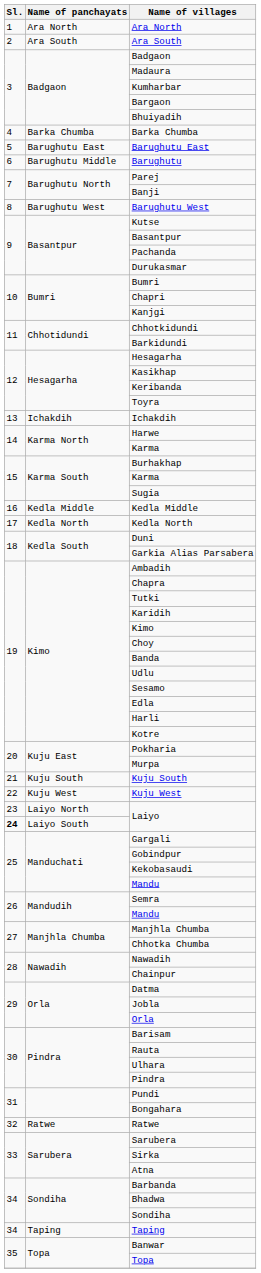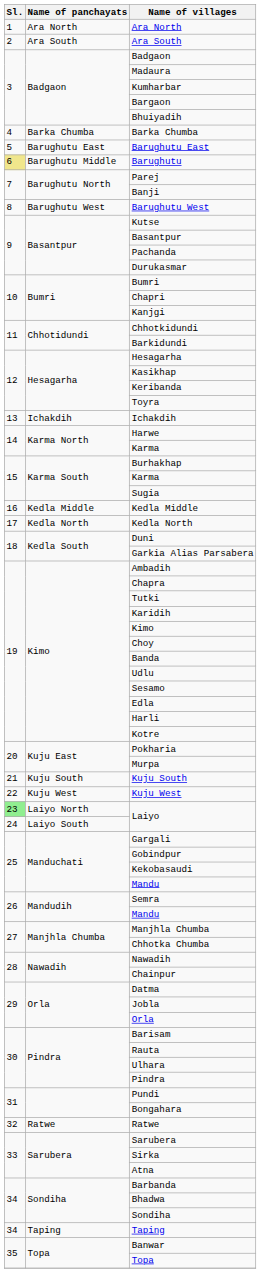 <table class="wikitable plainrowheaders sortable">
 <tr>
 <th scope="col">Sl.</th>
 <th scope="col">Name of panchayats</th>
 <th scope="col">Name of villages</th>
 </tr>
 <tr>
 <td>1</td>
 <td>Ara North</td>
 <td><a href='#'>Ara North</a></td>
 </tr>
 <tr>
 <td>2</td>
 <td>Ara South</td>
 <td><a href='#'>Ara South</a></td>
 </tr>
 <tr>
 <td rowspan="5">3</td>
 <td rowspan="5">Badgaon</td>
 <td>Badgaon</td>
 </tr>
 <tr>
 <td>Madaura</td>
 </tr>
 <tr>
 <td>Kumharbar</td>
 </tr>
 <tr>
 <td>Bargaon</td>
 </tr>
 <tr>
 <td>Bhuiyadih  </td>
 </tr>
 <tr>
 <td>4</td>
 <td>Barka Chumba</td>
 <td>Barka Chumba</td>
 </tr>
 <tr>
 <td>5</td>
 <td>Barughutu East</td>
 <td><a href='#'>Barughutu East</a></td>
 </tr>
 <tr>
-<td>6</td>
+<td style="background: khaki;">6</td>
 <td>Barughutu Middle</td>
 <td><a href='#'>Barughutu</a></td>
 </tr>
 <tr>
 <td rowspan="2">7</td>
 <td rowspan="2">Barughutu North</td>
 <td>Parej</td>
 </tr>
 <tr>
 <td>Banji</td>
 </tr>
 <tr>
 <td>8</td>
 <td>Barughutu West</td>
 <td><a href='#'>Barughutu West</a></td>
 </tr>
 <tr>
 <td rowspan="4">9</td>
 <td rowspan="4">Basantpur</td>
 <td>Kutse</td>
 </tr>
 <tr>
 <td>Basantpur</td>
 </tr>
 <tr>
 <td>Pachanda</td>
 </tr>
 <tr>
 <td>Durukasmar</td>
 </tr>
 <tr>
 <td rowspan="3">10</td>
 <td rowspan="3">Bumri</td>
 <td>Bumri</td>
 </tr>
 <tr>
 <td>Chapri</td>
 </tr>
 <tr>
 <td>Kanjgi</td>
 </tr>
 <tr>
 <td rowspan="2">11</td>
 <td rowspan="2">Chhotidundi</td>
 <td>Chhotkidundi</td>
 </tr>
 <tr>
 <td>Barkidundi</td>
 </tr>
 <tr>
 <td rowspan="4">12</td>
 <td rowspan="4">Hesagarha</td>
 <td>Hesagarha</td>
 </tr>
 <tr>
 <td>Kasikhap</td>
 </tr>
 <tr>
 <td>Keribanda</td>
 </tr>
 <tr>
 <td>Toyra</td>
 </tr>
 <tr>
 <td>13</td>
 <td>Ichakdih</td>
 <td>Ichakdih</td>
 </tr>
 <tr>
 <td rowspan="2">14</td>
 <td rowspan="2">Karma North</td>
 <td>Harwe</td>
 </tr>
 <tr>
 <td>Karma</td>
 </tr>
 <tr>
 <td rowspan="3">15</td>
 <td rowspan="3">Karma South</td>
 <td>Burhakhap</td>
 </tr>
 <tr>
 <td>Karma</td>
 </tr>
 <tr>
 <td>Sugia</td>
 </tr>
 <tr>
 <td>16</td>
 <td>Kedla Middle</td>
 <td>Kedla Middle</td>
 </tr>
 <tr>
 <td>17</td>
 <td>Kedla North</td>
 <td>Kedla North</td>
 </tr>
 <tr>
 <td rowspan="2">18</td>
 <td rowspan="2">Kedla South</td>
 <td>Duni</td>
 </tr>
 <tr>
 <td>Garkia Alias Parsabera</td>
 </tr>
 <tr>
 <td rowspan="12">19</td>
 <td rowspan="12">Kimo</td>
 <td>Ambadih</td>
 </tr>
 <tr>
 <td>Chapra</td>
 </tr>
 <tr>
 <td>Tutki</td>
 </tr>
 <tr>
 <td>Karidih</td>
 </tr>
 <tr>
 <td>Kimo</td>
 </tr>
 <tr>
 <td>Choy</td>
 </tr>
 <tr>
 <td>Banda</td>
 </tr>
 <tr>
 <td>Udlu</td>
 </tr>
 <tr>
 <td>Sesamo</td>
 </tr>
 <tr>
 <td>Edla</td>
 </tr>
 <tr>
 <td>Harli</td>
 </tr>
 <tr>
 <td>Kotre</td>
 </tr>
 <tr>
 <td rowspan="2">20</td>
 <td rowspan="2">Kuju East</td>
 <td>Pokharia</td>
 </tr>
 <tr>
 <td>Murpa</td>
 </tr>
 <tr>
 <td>21</td>
 <td>Kuju South</td>
 <td><a href='#'>Kuju South</a></td>
 </tr>
 <tr>
 <td>22</td>
 <td>Kuju West</td>
 <td><a href='#'>Kuju West</a></td>
 </tr>
 <tr>
-<td>23</td>
+<td style="background: lightgreen;">23</td>
 <td>Laiyo North</td>
 <td rowspan="2">Laiyo</td>
 </tr>
 <tr>
-<td><strong>24</strong></td>
+<td>24</td>
 <td>Laiyo South</td>
 </tr>
 <tr>
 <td rowspan="4">25</td>
 <td rowspan="4">Manduchati</td>
 <td>Gargali</td>
 </tr>
 <tr>
 <td>Gobindpur</td>
 </tr>
 <tr>
 <td>Kekobasaudi</td>
 </tr>
 <tr>
 <td><a href='#'>Mandu</a></td>
 </tr>
 <tr>
 <td rowspan="2">26</td>
 <td rowspan="2">Mandudih</td>
 <td>Semra</td>
 </tr>
 <tr>
 <td><a href='#'>Mandu</a></td>
 </tr>
 <tr>
 <td rowspan="2">27</td>
 <td rowspan="2">Manjhla Chumba</td>
 <td>Manjhla Chumba</td>
 </tr>
 <tr>
 <td>Chhotka Chumba</td>
 </tr>
 <tr>
 <td rowspan="2">28</td>
 <td rowspan="2">Nawadih</td>
 <td>Nawadih</td>
 </tr>
 <tr>
 <td>Chainpur</td>
 </tr>
 <tr>
 <td rowspan="3">29</td>
 <td rowspan="3">Orla</td>
 <td>Datma</td>
 </tr>
 <tr>
 <td>Jobla</td>
 </tr>
 <tr>
 <td><a href='#'>Orla</a></td>
 </tr>
 <tr>
 <td rowspan="4">30</td>
 <td rowspan="4">Pindra</td>
 <td>Barisam</td>
 </tr>
 <tr>
 <td>Rauta</td>
 </tr>
 <tr>
 <td>Ulhara</td>
 </tr>
 <tr>
 <td>Pindra</td>
 </tr>
 <tr>
 <td rowspan="2">31</td>
 <td rowspan="2"></td>
 <td>Pundi</td>
 </tr>
 <tr>
 <td>Bongahara</td>
 </tr>
 <tr>
 <td>32</td>
 <td>Ratwe</td>
 <td>Ratwe</td>
 </tr>
 <tr>
 <td rowspan="3">33</td>
 <td rowspan="3">Sarubera</td>
 <td>Sarubera</td>
 </tr>
 <tr>
 <td>Sirka</td>
 </tr>
 <tr>
 <td>Atna</td>
 </tr>
 <tr>
 <td rowspan="3">34</td>
 <td rowspan="3">Sondiha</td>
 <td>Barbanda</td>
 </tr>
 <tr>
 <td>Bhadwa</td>
 </tr>
 <tr>
 <td>Sondiha</td>
 </tr>
 <tr>
 <td>34</td>
 <td>Taping</td>
 <td><a href='#'>Taping</a></td>
 </tr>
 <tr>
 <td rowspan="2">35</td>
 <td rowspan="2">Topa</td>
 <td>Banwar</td>
 </tr>
 <tr>
 <td><a href='#'>Topa</a></td>
 </tr>
 <tr>
 </tr>
 </table>
